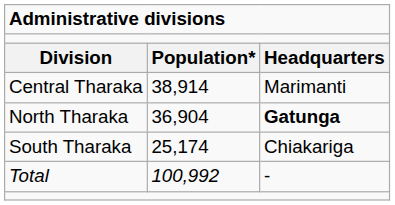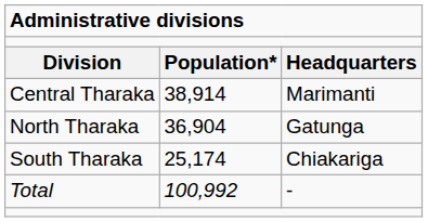 <table class="wikitable">
 <tr>
 <td colspan="4"><strong>Administrative divisions</strong></td>
 </tr>
 <tr>
 <td colspan="4"></td>
 </tr>
 <tr>
 <th>Division</th>
 <th>Population*</th>
 <th>Headquarters</th>
 </tr>
 <tr>
 <td>Central Tharaka</td>
 <td>38,914</td>
 <td>Marimanti</td>
 </tr>
 <tr>
 <td>North Tharaka</td>
 <td>36,904</td>
-<td><strong>Gatunga</strong></td>
+<td>Gatunga</td>
 </tr>
 <tr>
 <td>South Tharaka</td>
 <td>25,174</td>
 <td>Chiakariga</td>
 </tr>
 <tr>
 <td><em>Total</em></td>
 <td><em>100,992</em></td>
 <td>-</td>
 </tr>
 <tr>
 <td colspan="4"></td>
 </tr>
 </table>
